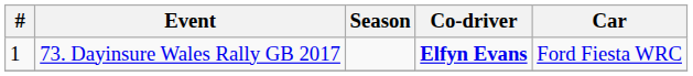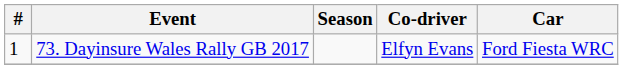 <table class="wikitable">
 <tr>
 <th> # </th>
 <th>Event</th>
 <th>Season</th>
 <th>Co-driver</th>
 <th>Car</th>
 </tr>
 <tr>
 <td>1</td>
 <td> <a href='#'>73. Dayinsure Wales Rally GB 2017</a></td>
 <td></td>
-<td><strong> <a href='#'>Elfyn Evans</a></strong></td>
+<td> <a href='#'>Elfyn Evans</a></td>
 <td><a href='#'>Ford Fiesta WRC</a></td>
 </tr>
 <tr>
 </tr>
 </table>
